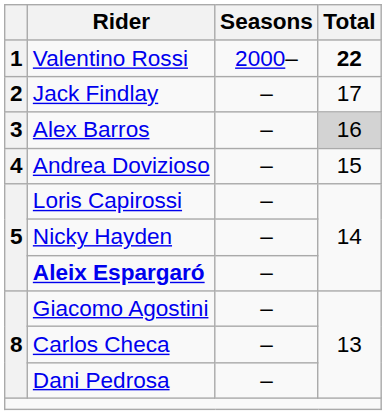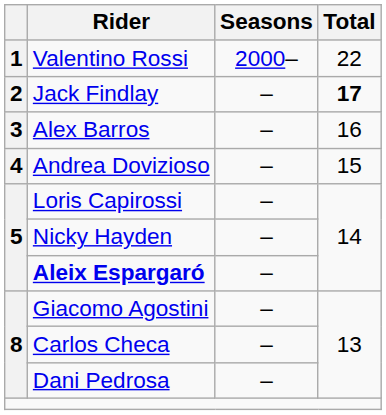 <table class="wikitable" style="text-align:center">
 <tr>
 <th></th>
 <th>Rider</th>
 <th>Seasons</th>
 <th>Total</th>
 </tr>
 <tr>
 <th>1</th>
 <td align=left> <a href='#'>Valentino Rossi</a></td>
 <td><a href='#'>2000</a>–</td>
-<td><strong>22</strong></td>
+<td>22</td>
 </tr>
 <tr>
 <th>2</th>
 <td align=left> <a href='#'>Jack Findlay</a></td>
 <td>–</td>
-<td>17</td>
+<td><strong>17</strong></td>
 </tr>
 <tr>
 <th>3</th>
 <td align=left> <a href='#'>Alex Barros</a></td>
 <td>–</td>
-<td style="background: lightgrey;">16</td>
+<td>16</td>
 </tr>
 <tr>
 <th>4</th>
 <td align=left> <a href='#'>Andrea Dovizioso</a></td>
 <td>–</td>
 <td>15</td>
 </tr>
 <tr>
 <th rowspan=3>5</th>
 <td align=left> <a href='#'>Loris Capirossi</a></td>
 <td>–</td>
 <td rowspan=3>14</td>
 </tr>
 <tr>
 <td align=left> <a href='#'>Nicky Hayden</a></td>
 <td>–</td>
 </tr>
 <tr>
 <td align=left> <strong><a href='#'>Aleix Espargaró</a></strong></td>
 <td>–</td>
 </tr>
 <tr>
 <th rowspan=3>8</th>
 <td align=left> <a href='#'>Giacomo Agostini</a></td>
 <td>–</td>
 <td rowspan=3>13</td>
 </tr>
 <tr>
 <td align=left> <a href='#'>Carlos Checa</a></td>
 <td>–</td>
 </tr>
 <tr>
 <td align=left> <a href='#'>Dani Pedrosa</a></td>
 <td>–</td>
 </tr>
 <tr>
 <td colspan=4></td>
 </tr>
 </table>
